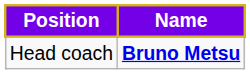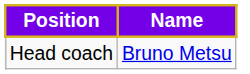 <table class="wikitable">
 <tr>
 <th style="color:#FFFFFF; background: #7300E6; border:2px solid #D8B31B;">Position</th>
 <th style="color:#FFFFFF; background: #7300E6; border:2px solid #D8B31B;">Name</th>
 </tr>
 <tr>
 <td>Head coach</td>
-<td><strong> <a href='#'>Bruno Metsu</a></strong></td>
+<td> <a href='#'>Bruno Metsu</a></td>
 </tr>
 </table>
